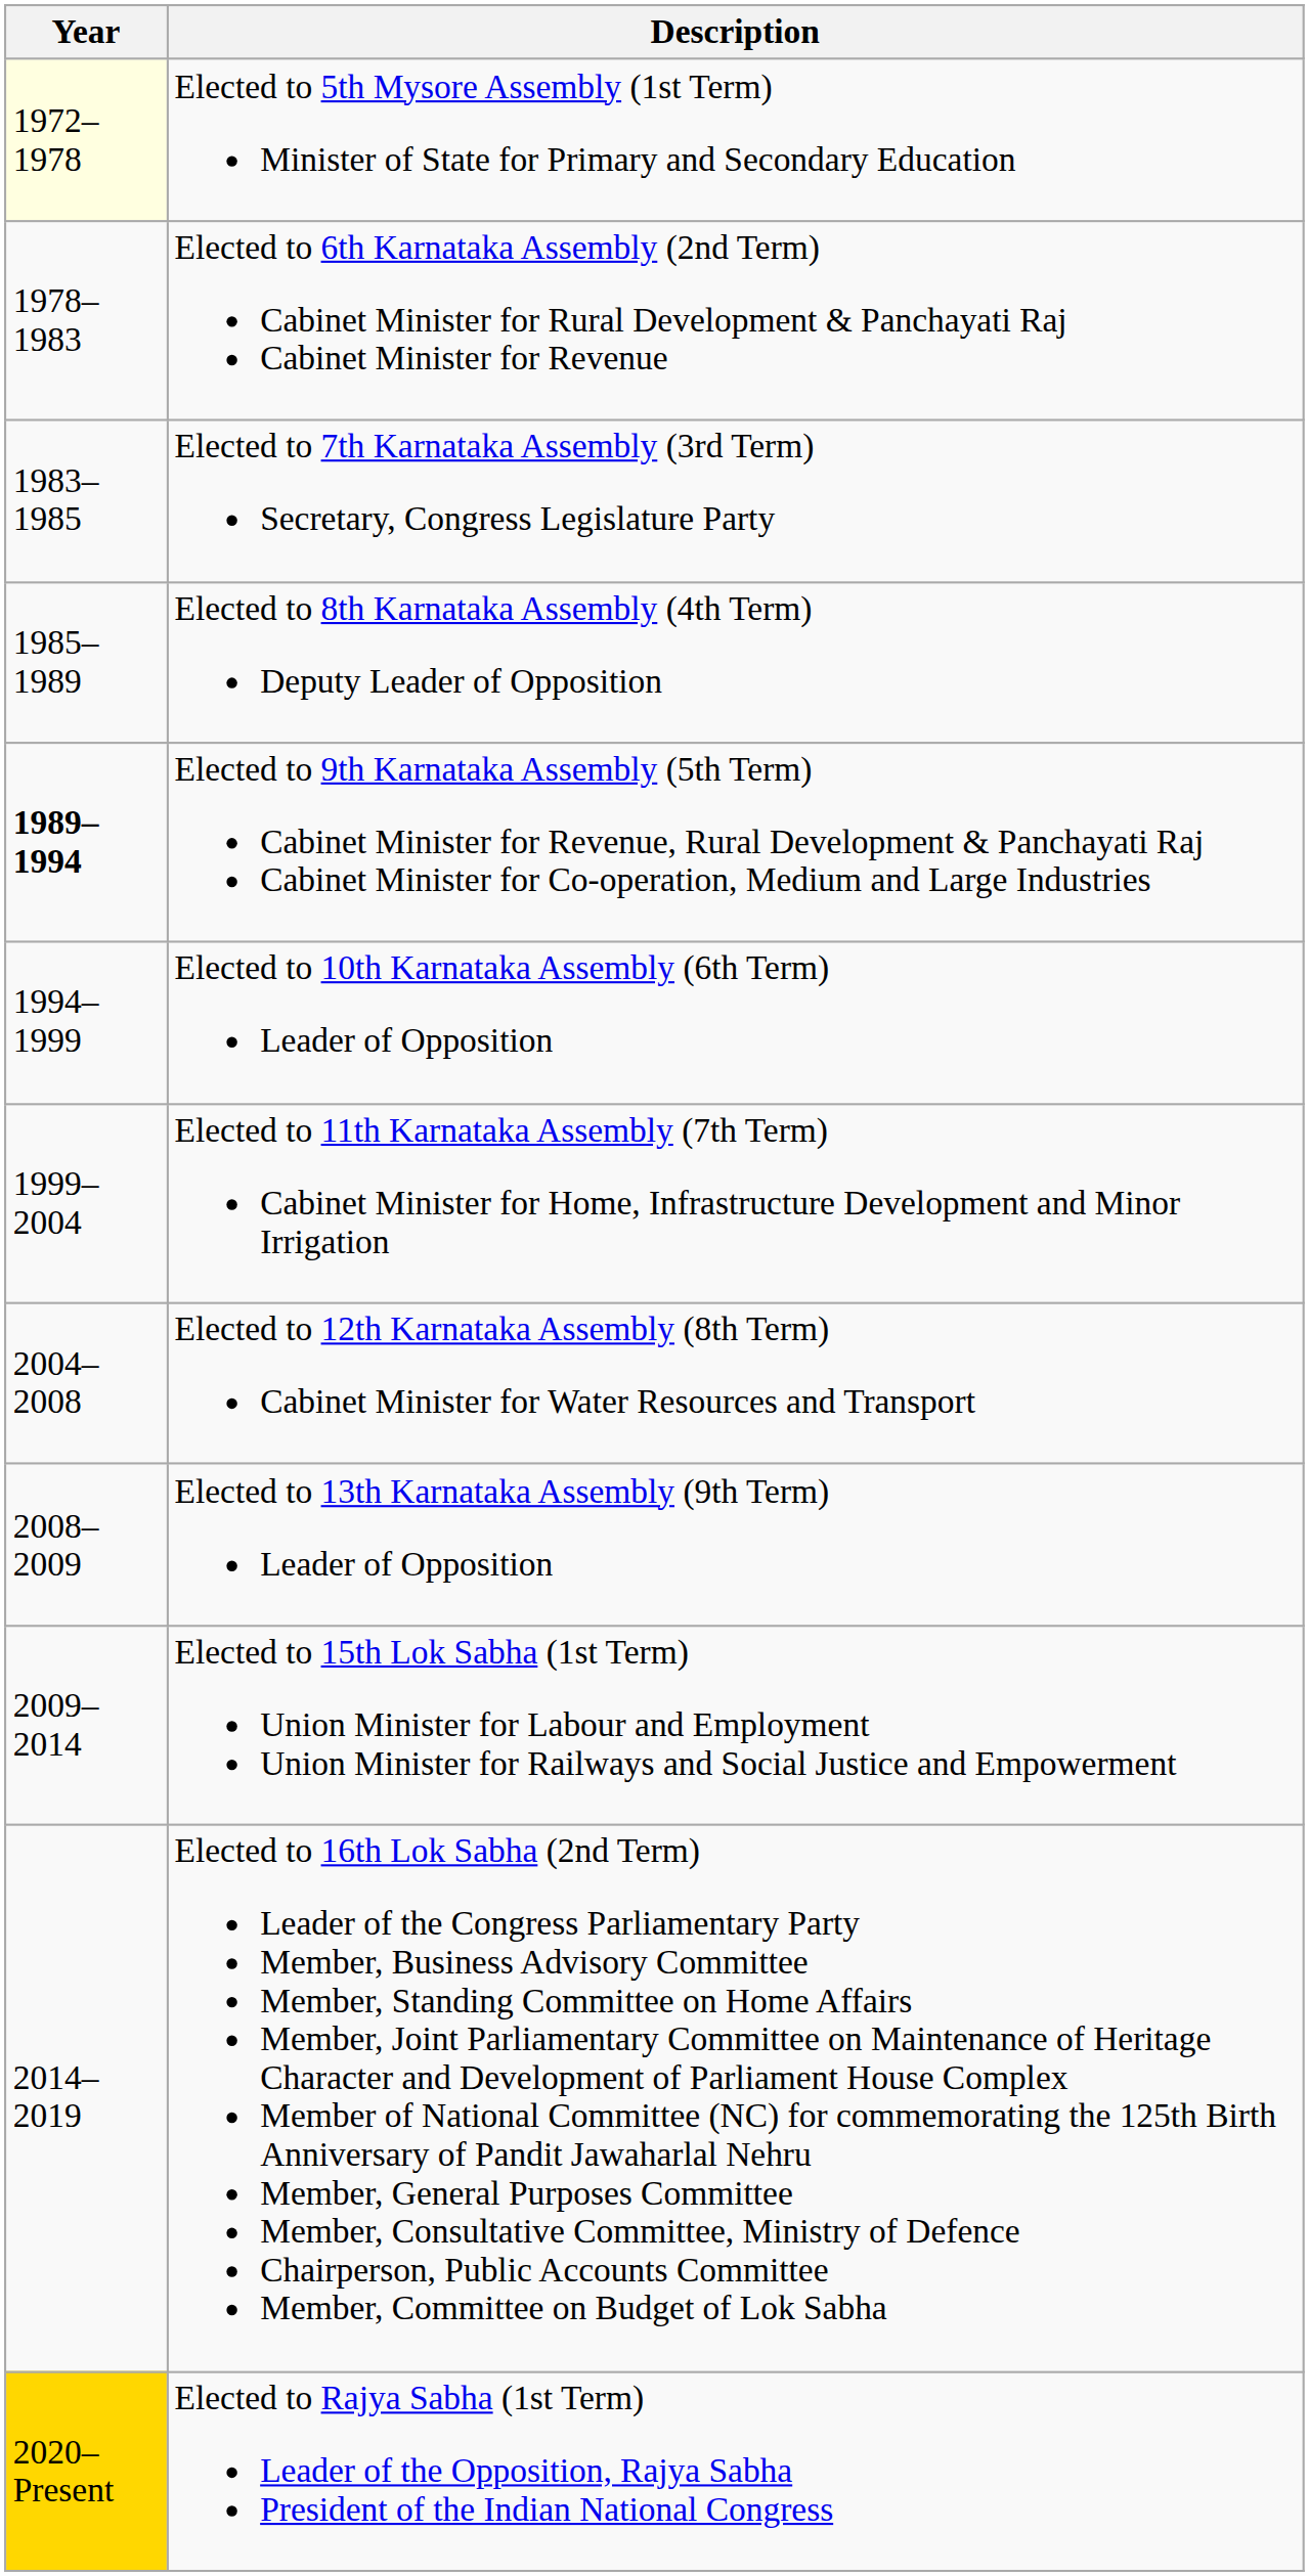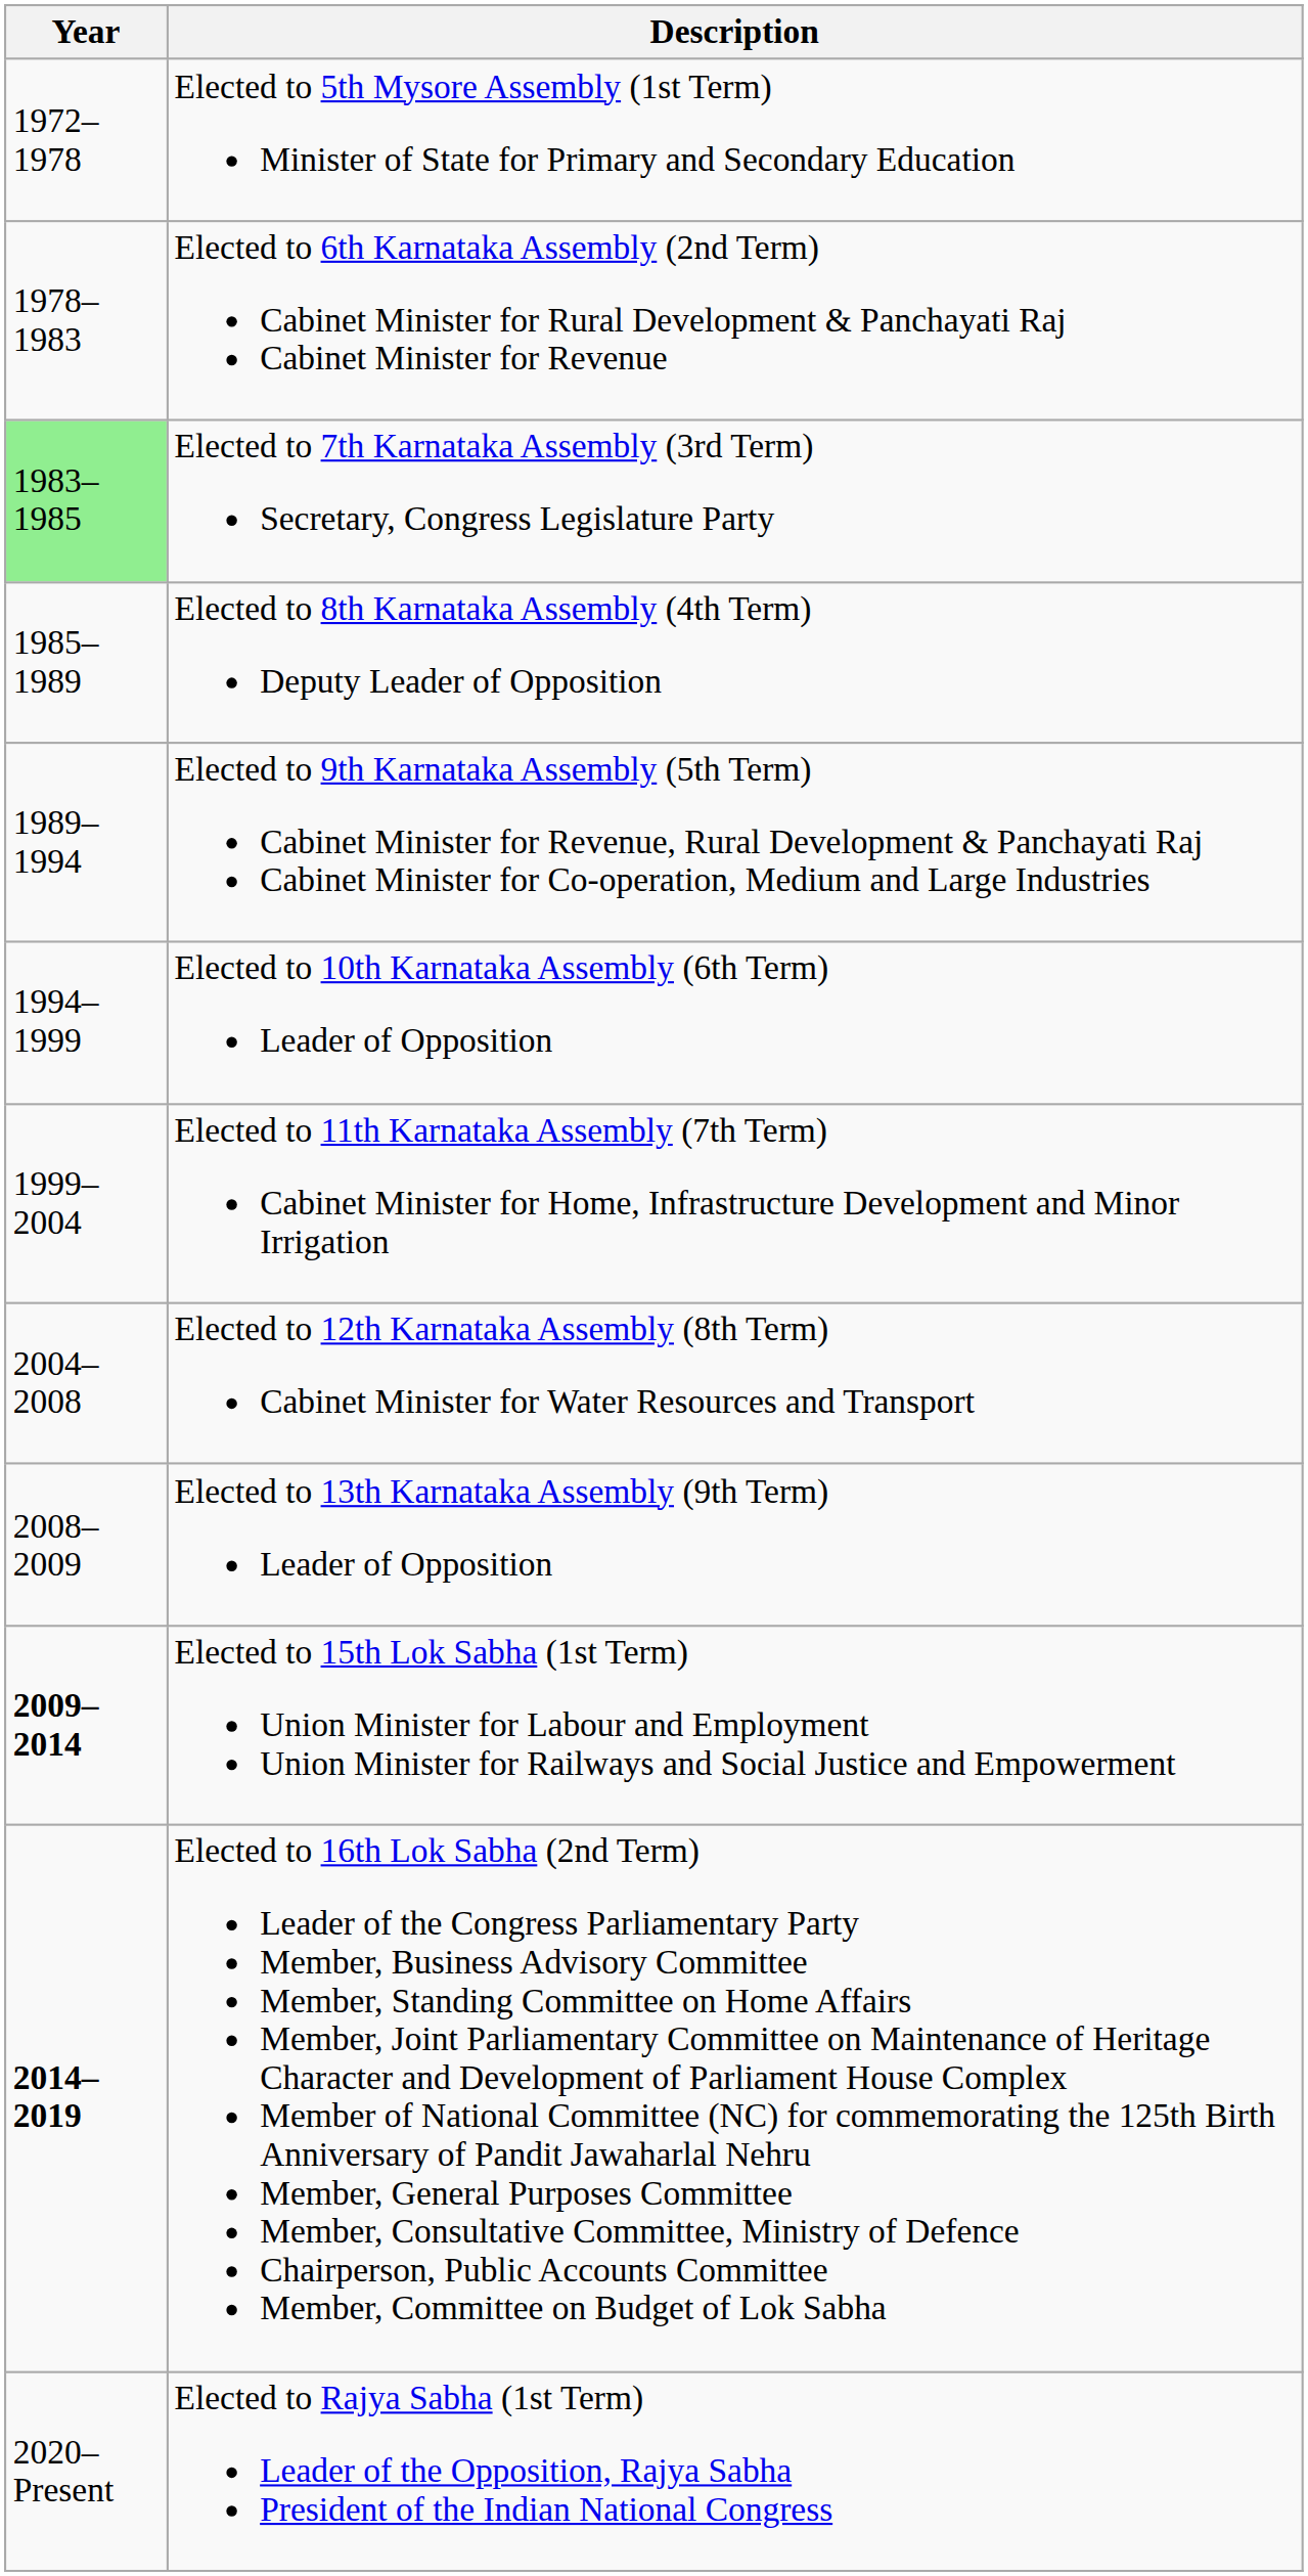 <table class="wikitable">
 <tr>
 <th>Year</th>
 <th>Description</th>
 </tr>
 <tr>
-<td style="background: lightyellow;">1972–1978</td>
+<td>1972–1978</td>
 <td>Elected to <a href='#'>5th Mysore Assembly</a> (1st Term)<br><ul><li>Minister of State for Primary and Secondary Education </li></ul></td>
 </tr>
 <tr>
 <td>1978–1983</td>
 <td>Elected to <a href='#'>6th Karnataka Assembly</a> (2nd Term)<br><ul><li>Cabinet Minister for Rural Development & Panchayati Raj </li><li>Cabinet Minister for Revenue </li></ul></td>
 </tr>
 <tr>
-<td>1983–1985</td>
+<td style="background: lightgreen;">1983–1985</td>
 <td>Elected to <a href='#'>7th Karnataka Assembly</a> (3rd Term)<br><ul><li>Secretary, Congress Legislature Party</li></ul></td>
 </tr>
 <tr>
 <td>1985–1989</td>
 <td>Elected to <a href='#'>8th Karnataka Assembly</a> (4th Term)<br><ul><li>Deputy Leader of Opposition</li></ul></td>
 </tr>
 <tr>
-<td><strong>1989–1994</strong></td>
+<td>1989–1994</td>
 <td>Elected to <a href='#'>9th Karnataka Assembly</a> (5th Term)<br><ul><li>Cabinet Minister for Revenue, Rural Development & Panchayati Raj </li><li>Cabinet Minister for Co-operation, Medium and Large Industries </li></ul></td>
 </tr>
 <tr>
 <td>1994–1999</td>
 <td>Elected to <a href='#'>10th Karnataka Assembly</a> (6th Term)<br><ul><li>Leader of Opposition </li></ul></td>
 </tr>
 <tr>
 <td>1999–2004</td>
 <td>Elected to <a href='#'>11th Karnataka Assembly</a> (7th Term)<br><ul><li>Cabinet Minister for Home, Infrastructure Development and Minor Irrigation </li></ul></td>
 </tr>
 <tr>
 <td>2004–2008</td>
 <td>Elected to <a href='#'>12th Karnataka Assembly</a> (8th Term)<br><ul><li>Cabinet Minister for Water Resources and Transport </li></ul></td>
 </tr>
 <tr>
 <td>2008–2009</td>
 <td>Elected to <a href='#'>13th Karnataka Assembly</a> (9th Term)<br><ul><li>Leader of Opposition </li></ul></td>
 </tr>
 <tr>
-<td>2009–2014</td>
+<td><strong>2009–2014</strong></td>
 <td>Elected to <a href='#'>15th Lok Sabha</a> (1st Term)<br><ul><li>Union Minister for Labour and Employment </li><li>Union Minister for Railways and Social Justice and Empowerment </li></ul></td>
 </tr>
 <tr>
-<td>2014–2019</td>
+<td><strong>2014–2019</strong></td>
 <td>Elected to <a href='#'>16th Lok Sabha</a> (2nd Term)<br><ul><li>Leader of the Congress Parliamentary Party</li><li>Member, Business Advisory Committee </li><li>Member, Standing Committee on Home Affairs </li><li>Member, Joint Parliamentary Committee on Maintenance of Heritage Character and Development of Parliament House Complex </li><li>Member of National Committee (NC) for commemorating the 125th Birth Anniversary of Pandit Jawaharlal Nehru </li><li>Member, General Purposes Committee </li><li>Member, Consultative Committee, Ministry of Defence </li><li>Chairperson, Public Accounts Committee </li><li>Member, Committee on Budget of Lok Sabha </li></ul></td>
 </tr>
 <tr>
-<td style="background: gold;">2020–Present</td>
+<td>2020–Present</td>
 <td>Elected to <a href='#'>Rajya Sabha</a> (1st Term)<br><ul><li><a href='#'>Leader of the Opposition, Rajya Sabha</a> </li><li><a href='#'>President of the Indian National Congress</a> </li></ul></td>
 </tr>
 </table>
